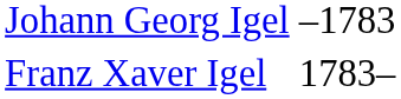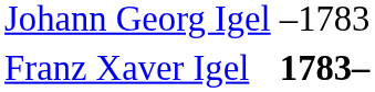 <table>
 <tr>
 <td><a href='#'>Johann Georg Igel</a></td>
 <td>–1783</td>
 </tr>
 <tr>
 <td><a href='#'>Franz Xaver Igel</a></td>
-<td>1783–</td>
+<td><strong>1783–</strong></td>
 </tr>
 <tr>
 </tr>
 </table>
